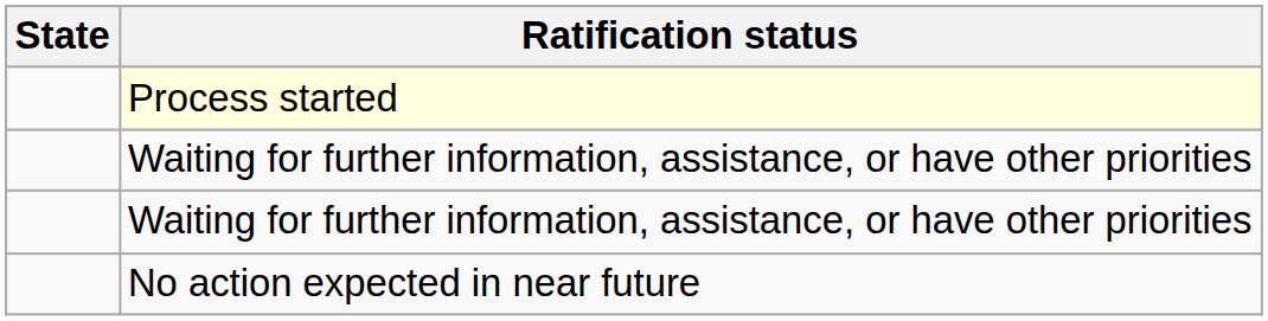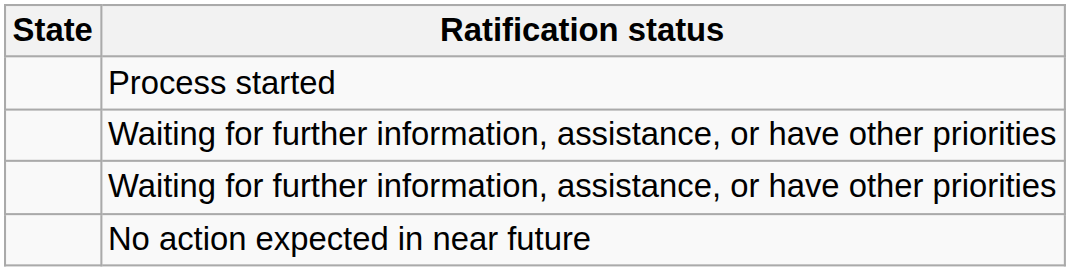 <table class="wikitable sortable">
 <tr>
 <th>State</th>
 <th>Ratification status</th>
 </tr>
 <tr>
 <td></td>
-<td style="background: lightyellow;">Process started</td>
+<td>Process started</td>
 </tr>
 <tr>
 <td></td>
 <td>Waiting for further information, assistance, or have other priorities</td>
 </tr>
 <tr>
 <td></td>
 <td>Waiting for further information, assistance, or have other priorities</td>
 </tr>
 <tr>
 <td></td>
 <td>No action expected in near future</td>
 </tr>
 </table>
